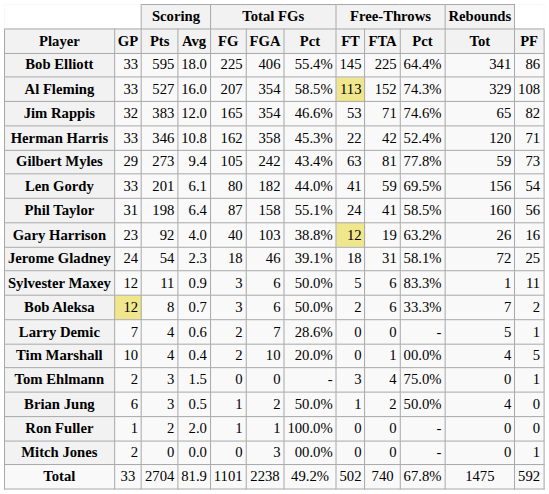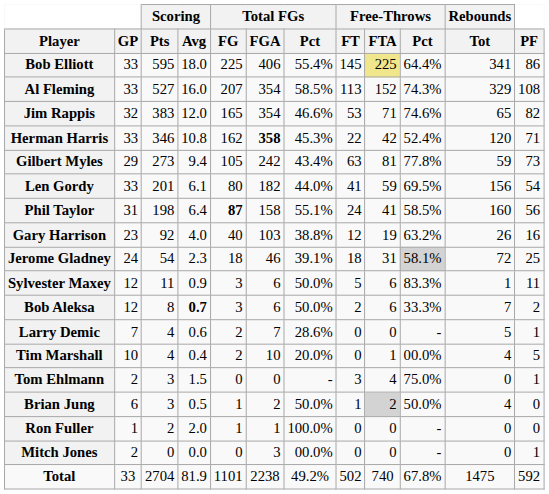 <table class="wikitable sortable" border="1" style="font-size:90%;">
 <tr>
 <th colspan="2" style="border-top-style:hidden; border-left-style:hidden; background: white;"></th>
 <th colspan="2" style=>Scoring</th>
 <th colspan="3" style=>Total FGs</th>
 <th colspan="3" style=>Free-Throws</th>
 <th colspan="1" style=>Rebounds</th>
 <th colspan="1" style="border-top-style:hidden; border-right-style:hidden; background: white;"></th>
 </tr>
 <tr>
 <th scope="col" style=>Player</th>
 <th scope="col" style=>GP</th>
 <th scope="col" style=>Pts</th>
 <th scope="col" style=>Avg</th>
 <th scope="col" style=>FG</th>
 <th scope="col" style=>FGA</th>
 <th scope="col" style=>Pct</th>
 <th scope="col" style=>FT</th>
 <th scope="col" style=>FTA</th>
 <th scope="col" style=>Pct</th>
 <th scope="col" style=>Tot</th>
 <th scope="col">PF</th>
 </tr>
 <tr>
 <th style=white-space:nowrap>Bob Elliott</th>
 <td align="right">33</td>
 <td align="right">595</td>
 <td align="right">18.0</td>
 <td align="right">225</td>
 <td align="right">406</td>
 <td align="right">55.4%</td>
 <td align="right">145</td>
-<td align="right">225</td>
+<td align="right" style="background: khaki;">225</td>
 <td align="right">64.4%</td>
 <td align="right">341</td>
 <td align="right">86</td>
 </tr>
 <tr>
 <th style=white-space:nowrap>Al Fleming</th>
 <td align="right">33</td>
 <td align="right">527</td>
 <td align="right">16.0</td>
 <td align="right">207</td>
 <td align="right">354</td>
 <td align="right">58.5%</td>
-<td align="right" style="background: khaki;">113</td>
+<td align="right">113</td>
 <td align="right">152</td>
 <td align="right">74.3%</td>
 <td align="right">329</td>
 <td align="right">108</td>
 </tr>
 <tr>
 <th style=white-space:nowrap>Jim Rappis</th>
 <td align="right">32</td>
 <td align="right">383</td>
 <td align="right">12.0</td>
 <td align="right">165</td>
 <td align="right">354</td>
 <td align="right">46.6%</td>
 <td align="right">53</td>
 <td align="right">71</td>
 <td align="right">74.6%</td>
 <td align="right">65</td>
 <td align="right">82</td>
 </tr>
 <tr>
 <th style=white-space:nowrap>Herman Harris</th>
 <td align="right">33</td>
 <td align="right">346</td>
 <td align="right">10.8</td>
 <td align="right">162</td>
-<td align="right">358</td>
+<td align="right"><strong>358</strong></td>
 <td align="right">45.3%</td>
 <td align="right">22</td>
 <td align="right">42</td>
 <td align="right">52.4%</td>
 <td align="right">120</td>
 <td align="right">71</td>
 </tr>
 <tr>
 <th style=white-space:nowrap>Gilbert Myles</th>
 <td align="right">29</td>
 <td align="right">273</td>
 <td align="right">9.4</td>
 <td align="right">105</td>
 <td align="right">242</td>
 <td align="right">43.4%</td>
 <td align="right">63</td>
 <td align="right">81</td>
 <td align="right">77.8%</td>
 <td align="right">59</td>
 <td align="right">73</td>
 </tr>
 <tr>
 <th style=white-space:nowrap>Len Gordy</th>
 <td align="right">33</td>
 <td align="right">201</td>
 <td align="right">6.1</td>
 <td align="right">80</td>
 <td align="right">182</td>
 <td align="right">44.0%</td>
 <td align="right">41</td>
 <td align="right">59</td>
 <td align="right">69.5%</td>
 <td align="right">156</td>
 <td align="right">54</td>
 </tr>
 <tr>
 <th style=white-space:nowrap>Phil Taylor</th>
 <td align="right">31</td>
 <td align="right">198</td>
 <td align="right">6.4</td>
-<td align="right">87</td>
+<td align="right"><strong>87</strong></td>
 <td align="right">158</td>
 <td align="right">55.1%</td>
 <td align="right">24</td>
 <td align="right">41</td>
 <td align="right">58.5%</td>
 <td align="right">160</td>
 <td align="right">56</td>
 </tr>
 <tr>
 <th style=white-space:nowrap>Gary Harrison</th>
 <td align="right">23</td>
 <td align="right">92</td>
 <td align="right">4.0</td>
 <td align="right">40</td>
 <td align="right">103</td>
 <td align="right">38.8%</td>
-<td align="right" style="background: khaki;">12</td>
+<td align="right">12</td>
 <td align="right">19</td>
 <td align="right">63.2%</td>
 <td align="right">26</td>
 <td align="right">16</td>
 </tr>
 <tr>
 <th style=white-space:nowrap>Jerome Gladney</th>
 <td align="right">24</td>
 <td align="right">54</td>
 <td align="right">2.3</td>
 <td align="right">18</td>
 <td align="right">46</td>
 <td align="right">39.1%</td>
 <td align="right">18</td>
 <td align="right">31</td>
-<td align="right">58.1%</td>
+<td align="right" style="background: lightgrey;">58.1%</td>
 <td align="right">72</td>
 <td align="right">25</td>
 </tr>
 <tr>
 <th style=white-space:nowrap>Sylvester Maxey</th>
 <td align="right">12</td>
 <td align="right">11</td>
 <td align="right">0.9</td>
 <td align="right">3</td>
 <td align="right">6</td>
 <td align="right">50.0%</td>
 <td align="right">5</td>
 <td align="right">6</td>
 <td align="right">83.3%</td>
 <td align="right">1</td>
 <td align="right">11</td>
 </tr>
 <tr>
 <th style=white-space:nowrap>Bob Aleksa</th>
-<td align="right" style="background: khaki;">12</td>
+<td align="right">12</td>
 <td align="right">8</td>
-<td align="right">0.7</td>
+<td align="right"><strong>0.7</strong></td>
 <td align="right">3</td>
 <td align="right">6</td>
 <td align="right">50.0%</td>
 <td align="right">2</td>
 <td align="right">6</td>
 <td align="right">33.3%</td>
 <td align="right">7</td>
 <td align="right">2</td>
 </tr>
 <tr>
 <th style=white-space:nowrap>Larry Demic</th>
 <td align="right">7</td>
 <td align="right">4</td>
 <td align="right">0.6</td>
 <td align="right">2</td>
 <td align="right">7</td>
 <td align="right">28.6%</td>
 <td align="right">0</td>
 <td align="right">0</td>
 <td align="right">-</td>
 <td align="right">5</td>
 <td align="right">1</td>
 </tr>
 <tr>
 <th>Tim Marshall</th>
 <td align="right">10</td>
 <td align="right">4</td>
 <td align="right">0.4</td>
 <td align="right">2</td>
 <td align="right">10</td>
 <td align="right">20.0%</td>
 <td align="right">0</td>
 <td align="right">1</td>
 <td align="right">00.0%</td>
 <td align="right">4</td>
 <td align="right">5</td>
 </tr>
 <tr>
 <th>Tom Ehlmann</th>
 <td align="right">2</td>
 <td align="right">3</td>
 <td align="right">1.5</td>
 <td align="right">0</td>
 <td align="right">0</td>
 <td align="right">-</td>
 <td align="right">3</td>
 <td align="right">4</td>
 <td align="right">75.0%</td>
 <td align="right">0</td>
 <td align="right">1</td>
 </tr>
 <tr>
 <th>Brian Jung</th>
 <td align="right">6</td>
 <td align="right">3</td>
 <td align="right">0.5</td>
 <td align="right">1</td>
 <td align="right">2</td>
 <td align="right">50.0%</td>
 <td align="right">1</td>
-<td align="right">2</td>
+<td align="right" style="background: lightgrey;">2</td>
 <td align="right">50.0%</td>
 <td align="right">4</td>
 <td align="right">0</td>
 </tr>
 <tr>
 <th>Ron Fuller</th>
 <td align="right">1</td>
 <td align="right">2</td>
 <td align="right">2.0</td>
 <td align="right">1</td>
 <td align="right">1</td>
 <td align="right">100.0%</td>
 <td align="right">0</td>
 <td align="right">0</td>
 <td align="right">-</td>
 <td align="right">0</td>
 <td align="right">0</td>
 </tr>
 <tr>
 <th>Mitch Jones</th>
 <td align="right">2</td>
 <td align="right">0</td>
 <td align="right">0.0</td>
 <td align="right">0</td>
 <td align="right">3</td>
 <td align="right">00.0%</td>
 <td align="right">0</td>
 <td align="right">0</td>
 <td align="right">-</td>
 <td align="right">0</td>
 <td align="right">1</td>
 </tr>
 <tr class="sortbottom">
 <td align="center" style=><strong>Total</strong></td>
 <td align="center" style=>33</td>
 <td align="center" style=>2704</td>
 <td align="center" style=>81.9</td>
 <td align="center" style=>1101</td>
 <td align="center" style=>2238</td>
 <td align="center" style=>49.2%</td>
 <td align="center" style=>502</td>
 <td align="center" style=>740</td>
 <td align="center" style=>67.8%</td>
 <td align="center" style=>1475</td>
 <td align="center" style=>592</td>
 </tr>
 </table>
